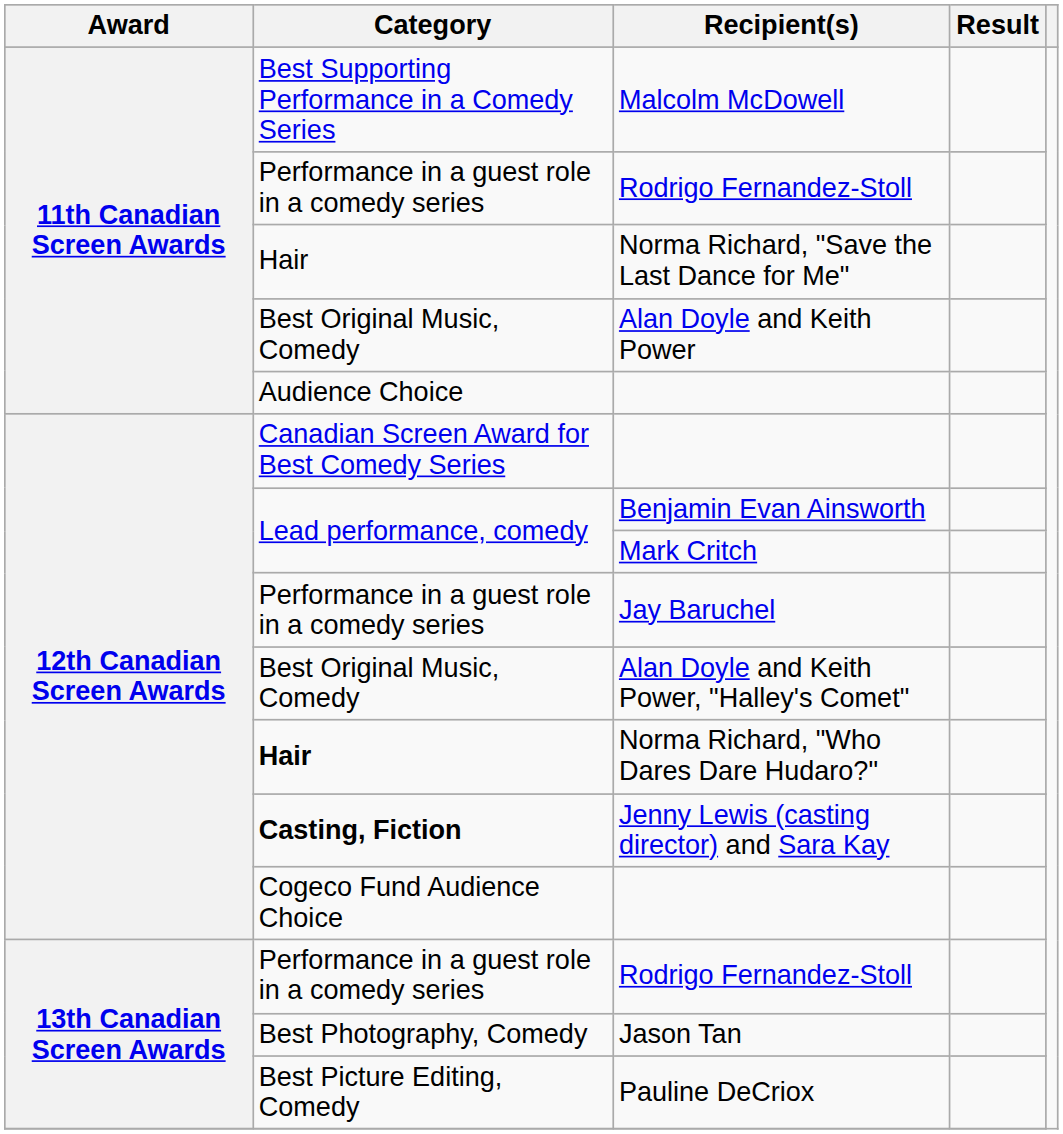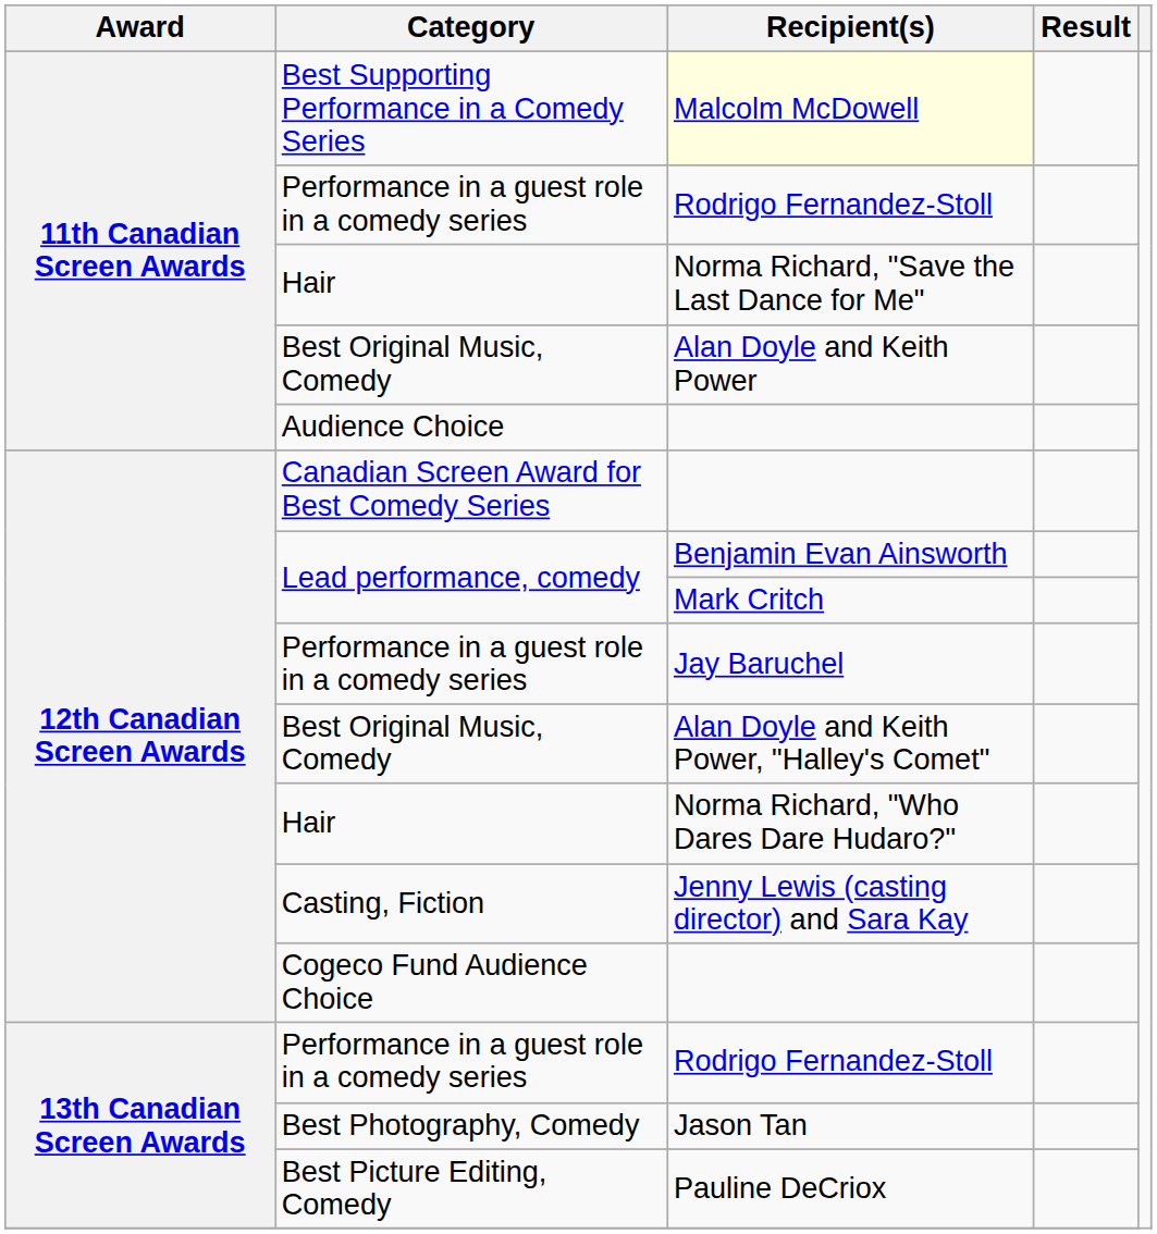 <table class="wikitable sortable plainrowheaders" width=100%>
 <tr>
 <th scope="col">Award</th>
 <th scope="col">Category</th>
 <th scope="col">Recipient(s)</th>
 <th scope="col">Result</th>
 <th class="unsortable" scope="col"></th>
 </tr>
 <tr>
 <th scope="row" rowspan=5><a href='#'>11th Canadian Screen Awards</a></th>
 <td><a href='#'>Best Supporting Performance in a Comedy Series</a></td>
-<td><a href='#'>Malcolm McDowell</a></td>
+<td style="background: lightyellow;"><a href='#'>Malcolm McDowell</a></td>
 <td></td>
 </tr>
 <tr>
 <td>Performance in a guest role in a comedy series</td>
 <td><a href='#'>Rodrigo Fernandez-Stoll</a></td>
 <td></td>
 </tr>
 <tr>
 <td>Hair</td>
 <td>Norma Richard, "Save the Last Dance for Me"</td>
 <td></td>
 </tr>
 <tr>
 <td>Best Original Music, Comedy</td>
 <td><a href='#'>Alan Doyle</a> and Keith Power</td>
 <td></td>
 </tr>
 <tr>
 <td>Audience Choice</td>
 <td></td>
 <td></td>
 </tr>
 <tr>
 <th scope="row" rowspan=8><a href='#'>12th Canadian Screen Awards</a></th>
 <td><a href='#'>Canadian Screen Award for Best Comedy Series</a></td>
 <td></td>
 <td></td>
 </tr>
 <tr>
 <td rowspan=2><a href='#'>Lead performance, comedy</a></td>
 <td><a href='#'>Benjamin Evan Ainsworth</a></td>
 <td></td>
 </tr>
 <tr>
 <td><a href='#'>Mark Critch</a></td>
 <td></td>
 </tr>
 <tr>
 <td>Performance in a guest role in a comedy series</td>
 <td><a href='#'>Jay Baruchel</a></td>
 <td></td>
 </tr>
 <tr>
 <td>Best Original Music, Comedy</td>
 <td><a href='#'>Alan Doyle</a> and Keith Power, "Halley's Comet"</td>
 <td></td>
 </tr>
 <tr>
-<td><strong>Hair</strong></td>
+<td>Hair</td>
 <td>Norma Richard, "Who Dares Dare Hudaro?"</td>
 <td></td>
 </tr>
 <tr>
-<td><strong>Casting, Fiction</strong></td>
+<td>Casting, Fiction</td>
 <td><a href='#'>Jenny Lewis (casting director)</a> and <a href='#'>Sara Kay</a></td>
 <td></td>
 </tr>
 <tr>
 <td>Cogeco Fund Audience Choice</td>
 <td></td>
 <td></td>
 </tr>
 <tr>
 <th scope="row" rowspan=3><a href='#'>13th Canadian Screen Awards</a></th>
 <td>Performance in a guest role in a comedy series</td>
 <td><a href='#'>Rodrigo Fernandez-Stoll</a></td>
 <td></td>
 </tr>
 <tr>
 <td>Best Photography, Comedy</td>
 <td>Jason Tan</td>
 <td></td>
 </tr>
 <tr>
 <td>Best Picture Editing, Comedy</td>
 <td>Pauline DeCriox</td>
 <td></td>
 </tr>
 <tr>
 </tr>
 </table>
